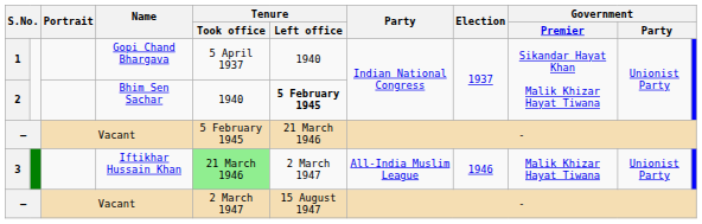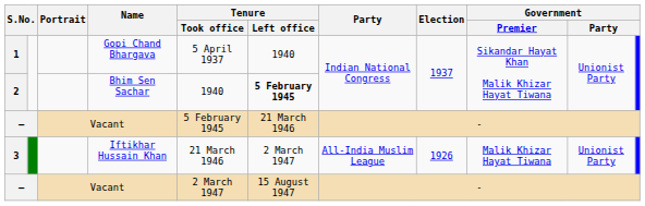 <table class="wikitable" style="text-align:center">
 <tr>
 <th colspan=2 rowspan=2>S.No.</th>
 <th rowspan=2>Portrait</th>
 <th rowspan=2>Name<br><br></th>
 <th colspan=2>Tenure</th>
 <th rowspan=2>Party</th>
 <th rowspan=2>Election</th>
 <th colspan=3>Government</th>
 </tr>
 <tr>
 <th>Took office</th>
 <th>Left office</th>
 <th><a href='#'>Premier</a></th>
 <th colspan=2>Party</th>
 </tr>
 <tr>
 <th>1</th>
 <td rowspan=2 style="background-color: "></td>
 <td></td>
 <td><a href='#'>Gopi Chand Bhargava</a><br><br></td>
 <td>5 April 1937</td>
 <td>1940</td>
 <td rowspan=2><a href='#'>Indian National Congress</a></td>
 <td rowspan=2><a href='#'>1937</a></td>
 <td rowspan=2><a href='#'>Sikandar Hayat Khan</a><br><br><a href='#'>Malik Khizar Hayat Tiwana</a><br></td>
 <td rowspan=2><a href='#'>Unionist Party</a></td>
 <td rowspan=2 style="background-color:blue"></td>
 </tr>
 <tr>
 <th>2</th>
 <td></td>
 <td><a href='#'>Bhim Sen Sachar</a><br><br></td>
 <td>1940</td>
 <td><strong>5 February 1945</strong></td>
 </tr>
 <tr>
 <th colspan=2 bgcolor=#f5deb3>–</th>
 <td colspan=2 bgcolor=#f5deb3>Vacant<br></td>
 <td bgcolor=#f5deb3>5 February 1945</td>
 <td bgcolor=#f5deb3>21 March 1946</td>
 <td colspan=5 bgcolor=#f5deb3>-</td>
 </tr>
 <tr>
 <th>3</th>
 <td style="background-color: Green"></td>
 <td></td>
 <td><a href='#'>Iftikhar Hussain Khan</a><br><br></td>
-<td style="background: lightgreen;">21 March 1946</td>
+<td>21 March 1946</td>
 <td>2 March 1947</td>
 <td><a href='#'>All-India Muslim League</a></td>
-<td><a href='#'>1946</a></td>
+<td><a href='#'>1926</a></td>
 <td><a href='#'>Malik Khizar Hayat Tiwana</a></td>
 <td><a href='#'>Unionist Party</a></td>
 <td style="background-color:blue"></td>
 </tr>
 <tr>
 <th colspan=2 bgcolor=#f5deb3>–</th>
 <td colspan=2 bgcolor=#f5deb3>Vacant<br></td>
 <td bgcolor=#f5deb3>2 March 1947</td>
 <td bgcolor=#f5deb3>15 August 1947</td>
 <td colspan=5 bgcolor=#f5deb3>-</td>
 </tr>
 </table>
